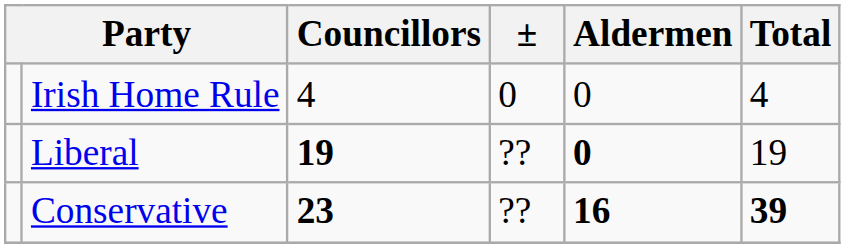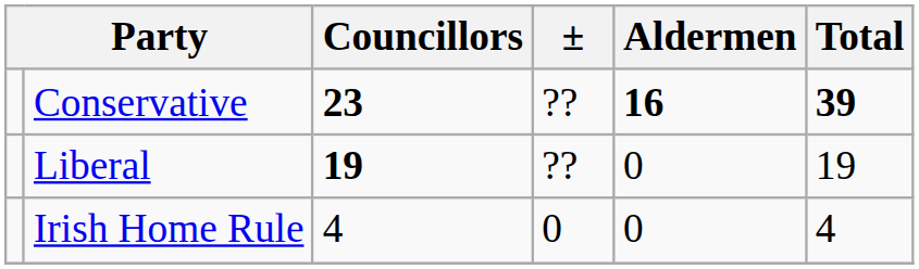 <table class="wikitable">
 <tr>
 <th colspan="2">Party</th>
 <th>Councillors</th>
 <th>  ±  </th>
 <th>Aldermen</th>
 <th>Total</th>
 </tr>
 <tr>
 <td style="background-color: "></td>
+<td><a href='#'>Conservative</a></td>
+<td><strong>23</strong></td>
+<td>??</td>
+<td><strong>16</strong></td>
+<td><strong>39</strong></td>
+</tr>
+<tr>
+<td style="background-color: "></td>
+<td><a href='#'>Liberal</a></td>
+<td><strong>19</strong></td>
+<td>??</td>
+<td>0</td>
+<td>19</td>
+</tr>
+<tr>
+<td style="background-color: "></td>
 <td><a href='#'>Irish Home Rule</a></td>
 <td>4</td>
 <td>0</td>
 <td>0</td>
 <td>4</td>
 </tr>
 <tr>
-<td style="background-color: "></td>
-<td><a href='#'>Liberal</a></td>
-<td><strong>19</strong></td>
-<td>??</td>
-<td><strong>0</strong></td>
-<td>19</td>
-</tr>
-<tr>
-<td style="background-color: "></td>
-<td><a href='#'>Conservative</a></td>
-<td><strong>23</strong></td>
-<td>??</td>
-<td><strong>16</strong></td>
-<td><strong>39</strong></td>
-</tr>
-<tr>
 </tr>
 </table>
